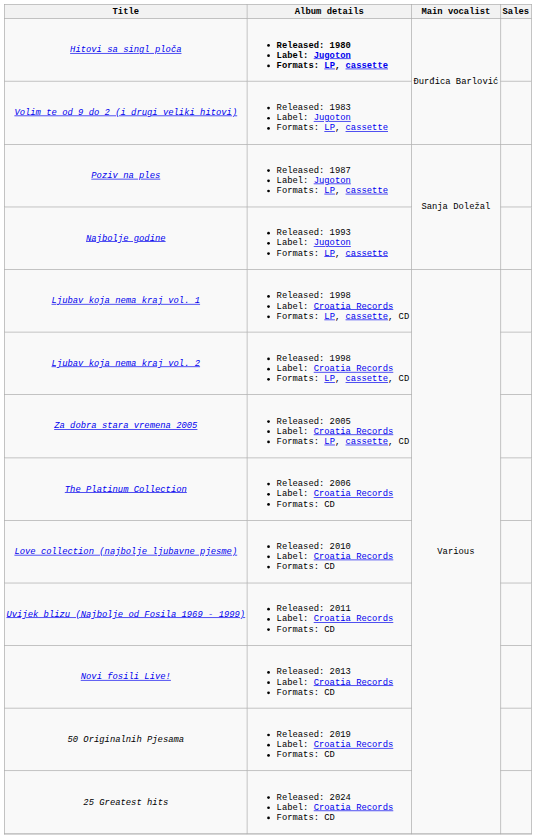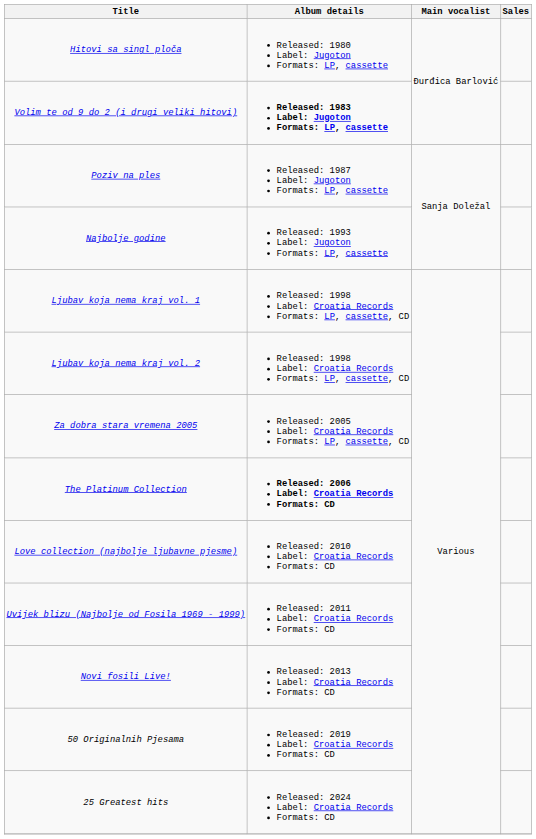 <table class="wikitable" style=text-align:center;>
 <tr>
 <th scope="col">Title</th>
 <th scope="col">Album details</th>
 <th scope="col">Main vocalist</th>
 <th scope="col">Sales</th>
 </tr>
 <tr>
 <td><em><a href='#'>Hitovi sa singl ploča</a></em></td>
-<td align=left><strong><br><ul><li>Released: 1980</li><li>Label: <a href='#'>Jugoton</a></li><li>Formats: <a href='#'>LP</a>, <a href='#'>cassette</a></li></ul></strong></td>
+<td align=left><br><ul><li>Released: 1980</li><li>Label: <a href='#'>Jugoton</a></li><li>Formats: <a href='#'>LP</a>, <a href='#'>cassette</a></li></ul></td>
 <td rowspan=2>Đurđica Barlović</td>
 <td align=left></td>
 </tr>
 <tr>
 <td><em><a href='#'>Volim te od 9 do 2 (i drugi veliki hitovi)</a></em></td>
-<td align=left><br><ul><li>Released: 1983</li><li>Label: <a href='#'>Jugoton</a></li><li>Formats: <a href='#'>LP</a>, <a href='#'>cassette</a></li></ul></td>
+<td align=left><strong><br><ul><li>Released: 1983</li><li>Label: <a href='#'>Jugoton</a></li><li>Formats: <a href='#'>LP</a>, <a href='#'>cassette</a></li></ul></strong></td>
 <td align=left></td>
 </tr>
 <tr>
 <td><em><a href='#'>Poziv na ples</a></em></td>
 <td align=left><br><ul><li>Released: 1987</li><li>Label: <a href='#'>Jugoton</a></li><li>Formats: <a href='#'>LP</a>, <a href='#'>cassette</a></li></ul></td>
 <td rowspan=2>Sanja Doležal</td>
 <td align=left></td>
 </tr>
 <tr>
 <td><em><a href='#'>Najbolje godine</a></em></td>
 <td align=left><br><ul><li>Released: 1993</li><li>Label: <a href='#'>Jugoton</a></li><li>Formats: <a href='#'>LP</a>, <a href='#'>cassette</a></li></ul></td>
 <td align=left></td>
 </tr>
 <tr>
 <td><em><a href='#'>Ljubav koja nema kraj vol. 1</a></em></td>
 <td align=left><br><ul><li>Released: 1998</li><li>Label: <a href='#'>Croatia Records</a></li><li>Formats: <a href='#'>LP</a>, <a href='#'>cassette</a>, CD</li></ul></td>
 <td rowspan=9>Various</td>
 <td align=left></td>
 </tr>
 <tr>
 <td><em><a href='#'>Ljubav koja nema kraj vol. 2</a></em></td>
 <td align=left><br><ul><li>Released: 1998</li><li>Label: <a href='#'>Croatia Records</a></li><li>Formats: <a href='#'>LP</a>, <a href='#'>cassette</a>, CD</li></ul></td>
 <td align=left></td>
 </tr>
 <tr>
 <td><em><a href='#'>Za dobra stara vremena 2005</a></em></td>
 <td align=left><br><ul><li>Released: 2005</li><li>Label: <a href='#'>Croatia Records</a></li><li>Formats: <a href='#'>LP</a>, <a href='#'>cassette</a>, CD</li></ul></td>
 <td align=left></td>
 </tr>
 <tr>
 <td><em><a href='#'>The Platinum Collection</a></em></td>
-<td align=left><br><ul><li>Released: 2006</li><li>Label: <a href='#'>Croatia Records</a></li><li>Formats: CD</li></ul></td>
+<td align=left><strong><br><ul><li>Released: 2006</li><li>Label: <a href='#'>Croatia Records</a></li><li>Formats: CD</li></ul></strong></td>
 <td align=left></td>
 </tr>
 <tr>
 <td><em><a href='#'>Love collection (najbolje ljubavne pjesme)</a></em></td>
 <td align=left><br><ul><li>Released: 2010</li><li>Label: <a href='#'>Croatia Records</a></li><li>Formats: CD</li></ul></td>
 <td align=left></td>
 </tr>
 <tr>
 <td><em><a href='#'>Uvijek blizu (Najbolje od Fosila 1969 - 1999)</a></em></td>
 <td align=left><br><ul><li>Released: 2011</li><li>Label: <a href='#'>Croatia Records</a></li><li>Formats: CD</li></ul></td>
 <td align=left></td>
 </tr>
 <tr>
 <td><em><a href='#'>Novi fosili Live!</a></em></td>
 <td align=left><br><ul><li>Released: 2013</li><li>Label: <a href='#'>Croatia Records</a></li><li>Formats: CD</li></ul></td>
 <td align=left></td>
 </tr>
 <tr>
 <td><em>50 Originalnih Pjesama</em></td>
 <td align=left><br><ul><li>Released: 2019</li><li>Label: <a href='#'>Croatia Records</a></li><li>Formats: CD</li></ul></td>
 <td align=left></td>
 </tr>
 <tr>
 <td><em>25 Greatest hits</em></td>
 <td align=left><br><ul><li>Released: 2024</li><li>Label: <a href='#'>Croatia Records</a></li><li>Formats: CD</li></ul></td>
 <td align=left></td>
 </tr>
 <tr>
 </tr>
 </table>
